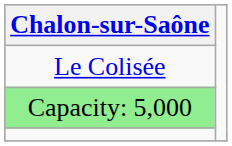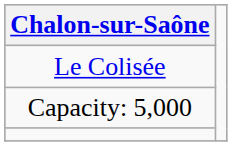 <table class="wikitable" style="margin:1em auto; text-align:center">
 <tr>
 <th><a href='#'>Chalon-sur-Saône</a></th>
 <td rowspan=4></td>
 </tr>
 <tr>
 <td><a href='#'>Le Colisée</a></td>
 </tr>
 <tr>
-<td style="background: lightgreen;">Capacity: 5,000</td>
+<td>Capacity: 5,000</td>
 </tr>
 <tr>
 <td></td>
 </tr>
 </table>
